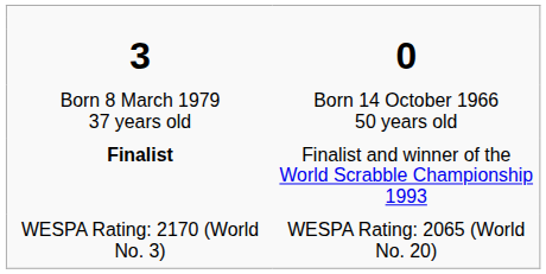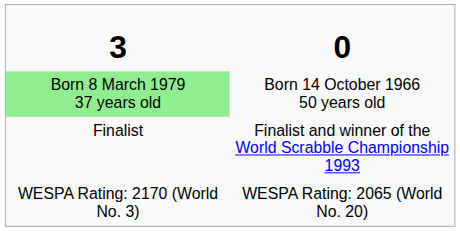 <table class="infobox" cellpadding="5" cellspacing="0" style="width:36%; border-collapse:collapse; text-align:center;">
 <tr>
 <td width=33%></td>
 <td width=33%></td>
 </tr>
 <tr>
 <td></td>
 <td></td>
 </tr>
 <tr style="font-size:200%;">
 <td><strong>3</strong></td>
 <td><strong>0</strong></td>
 </tr>
 <tr>
-<td>Born 8 March 1979<br>37 years old</td>
+<td style="background: lightgreen;">Born 8 March 1979<br>37 years old</td>
 <td>Born 14 October 1966<br>50 years old</td>
 </tr>
 <tr>
-<td><strong>Finalist</strong></td>
+<td>Finalist</td>
 <td>Finalist and winner of the <a href='#'>World Scrabble Championship 1993</a></td>
 </tr>
 <tr>
 <td>WESPA Rating: 2170 (World No. 3)</td>
 <td>WESPA Rating: 2065 (World No. 20)</td>
 </tr>
 <tr>
 </tr>
 </table>
